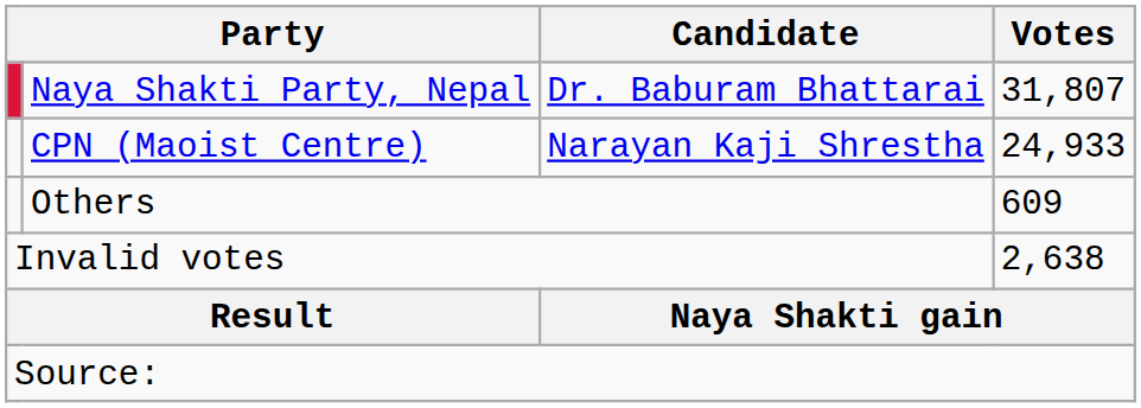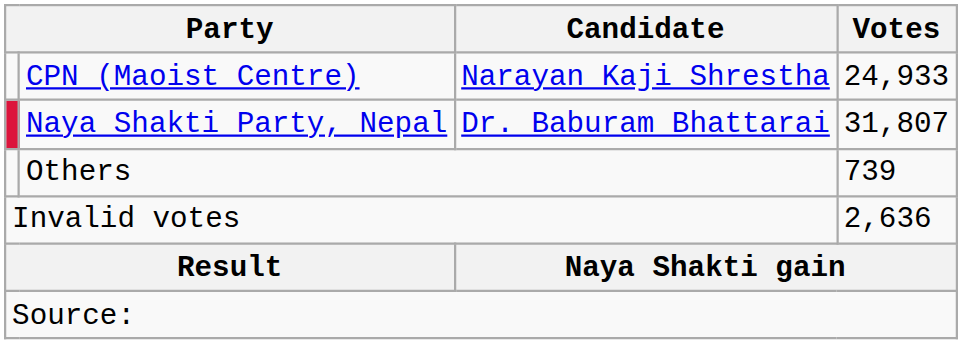 <table class="wikitable">
 <tr>
 <th colspan="2">Party</th>
 <th>Candidate</th>
 <th>Votes</th>
+</tr>
+<tr>
+<td style="background-color:"></td>
+<td><a href='#'>CPN (Maoist Centre)</a></td>
+<td><a href='#'>Narayan Kaji Shrestha</a></td>
+<td>24,933</td>
 </tr>
 <tr>
 <td style="background-color:crimson"></td>
 <td><a href='#'>Naya Shakti Party, Nepal</a></td>
 <td><a href='#'>Dr. Baburam Bhattarai</a></td>
 <td>31,807</td>
 </tr>
 <tr>
-<td style="background-color:"></td>
-<td><a href='#'>CPN (Maoist Centre)</a></td>
-<td><a href='#'>Narayan Kaji Shrestha</a></td>
-<td>24,933</td>
-</tr>
-<tr>
 <td></td>
 <td colspan="2">Others</td>
-<td>609</td>
+<td>739</td>
 </tr>
 <tr>
 <td colspan="3">Invalid votes</td>
-<td>2,638</td>
+<td>2,636</td>
 </tr>
 <tr>
 <th colspan="2">Result</th>
 <th colspan="2">Naya Shakti gain</th>
 </tr>
 <tr>
 <td colspan="4">Source: </td>
 </tr>
 </table>
